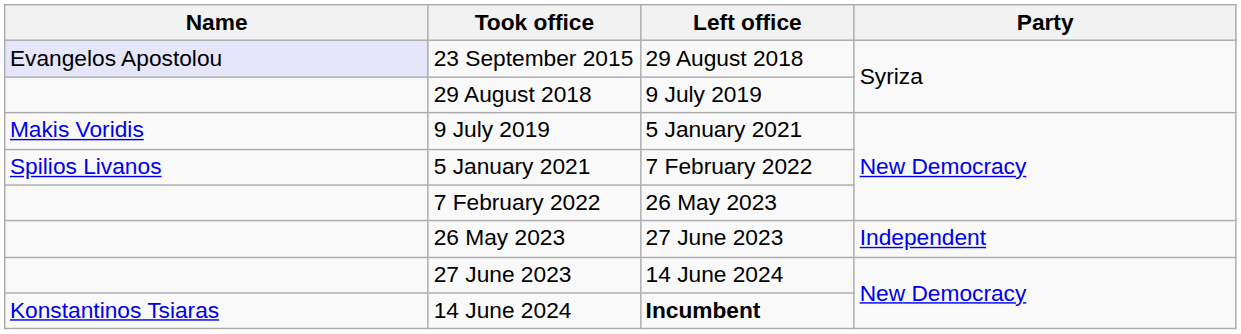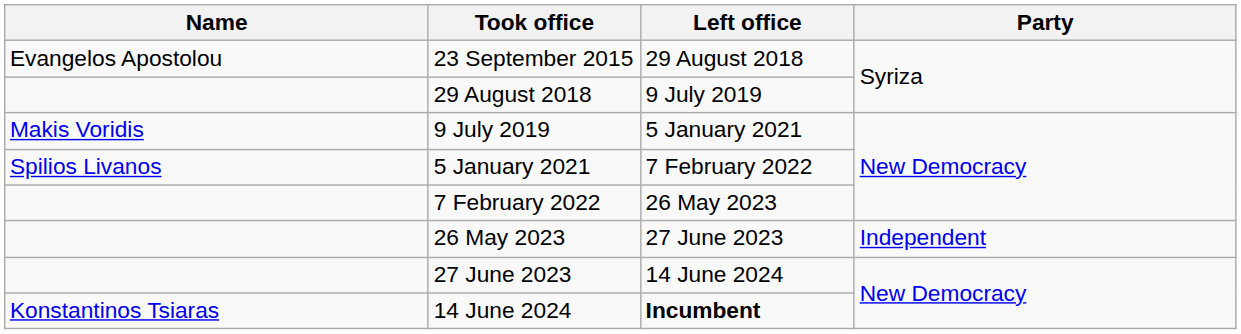 <table class="wikitable">
 <tr>
 <th width="20%">Name</th>
 <th width="10%">Took office</th>
 <th width="10%">Left office</th>
 <th width="18%">Party</th>
 </tr>
 <tr>
-<td style="background: lavender;">Evangelos Apostolou</td>
+<td>Evangelos Apostolou</td>
 <td>23 September 2015</td>
 <td>29 August 2018</td>
 <td rowspan=2>Syriza</td>
 </tr>
 <tr>
 <td></td>
 <td>29 August 2018</td>
 <td>9 July 2019</td>
 </tr>
 <tr>
 <td><a href='#'>Makis Voridis</a></td>
 <td>9 July 2019</td>
 <td>5 January 2021</td>
 <td rowspan=3><a href='#'>New Democracy</a></td>
 </tr>
 <tr>
 <td><a href='#'>Spilios Livanos</a></td>
 <td>5 January 2021</td>
 <td>7 February 2022</td>
 </tr>
 <tr>
 <td></td>
 <td>7 February 2022</td>
 <td>26 May 2023</td>
 </tr>
 <tr>
 <td></td>
 <td>26 May 2023</td>
 <td>27 June 2023</td>
 <td><a href='#'>Independent</a></td>
 </tr>
 <tr>
 <td></td>
 <td>27 June 2023</td>
 <td>14 June 2024</td>
 <td rowspan=2><a href='#'>New Democracy</a></td>
 </tr>
 <tr>
 <td><a href='#'>Konstantinos Tsiaras</a></td>
 <td>14 June 2024</td>
 <td><strong>Incumbent</strong></td>
 </tr>
 </table>
